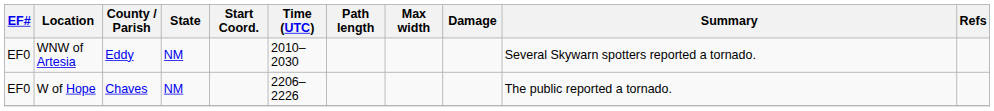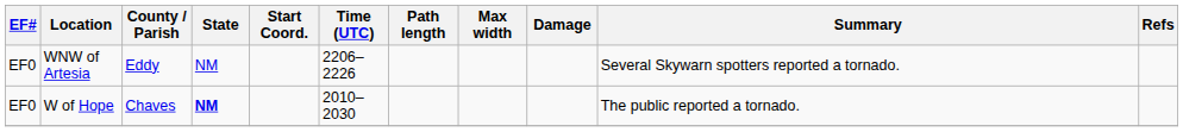 <table class="wikitable sortable" style="width:100%;">
 <tr>
 <th scope="col"  style="width:3%; text-align:center;"><a href='#'>EF#</a></th>
 <th scope="col"  style="width:7%; text-align:center;" class="unsortable">Location</th>
 <th scope="col"  style="width:6%; text-align:center;" class="unsortable">County / Parish</th>
 <th scope="col"  style="width:5%; text-align:center;">State</th>
 <th scope="col"  style="width:6%; text-align:center;">Start Coord.</th>
 <th scope="col"  style="width:6%; text-align:center;">Time (<a href='#'>UTC</a>)</th>
 <th scope="col"  style="width:6%; text-align:center;">Path length</th>
 <th scope="col"  style="width:6%; text-align:center;">Max width</th>
 <th scope="col"  style="width:6%; text-align:center;">Damage</th>
 <th scope="col" class="unsortable" style="width:48%; text-align:center;">Summary</th>
 <th scope="col" class="unsortable" style="width:48%; text-align:center;">Refs</th>
 </tr>
 <tr>
 <td>EF0</td>
 <td>WNW of <a href='#'>Artesia</a></td>
 <td><a href='#'>Eddy</a></td>
 <td><a href='#'>NM</a></td>
 <td></td>
-<td>2010–2030</td>
+<td>2206–2226</td>
 <td></td>
 <td></td>
 <td></td>
 <td>Several Skywarn spotters reported a tornado.</td>
 <td></td>
 </tr>
 <tr>
 <td>EF0</td>
 <td>W of <a href='#'>Hope</a></td>
 <td><a href='#'>Chaves</a></td>
-<td><a href='#'>NM</a></td>
+<td><strong><a href='#'>NM</a></strong></td>
 <td></td>
-<td>2206–2226</td>
+<td>2010–2030</td>
 <td></td>
 <td></td>
 <td></td>
 <td>The public reported a tornado.</td>
 <td></td>
 </tr>
 <tr>
 </tr>
 </table>
